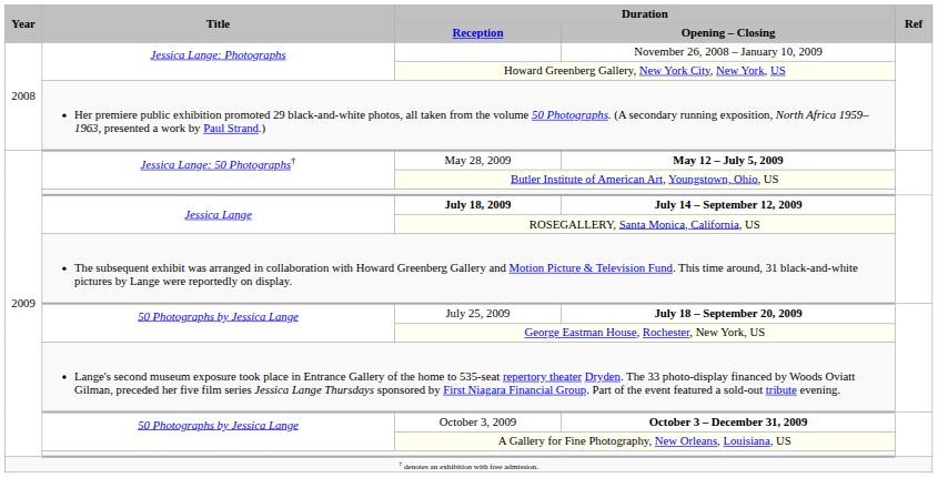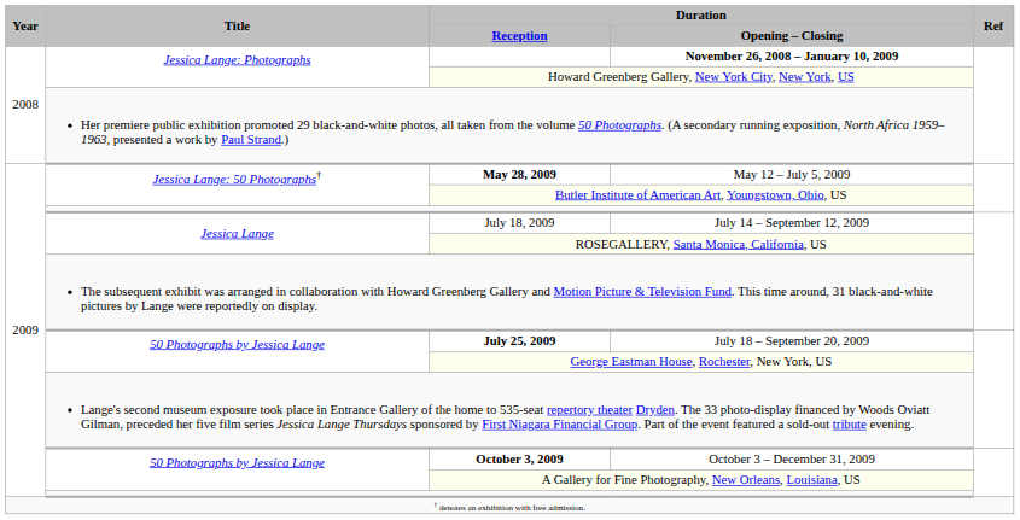 <table class="wikitable">
 <tr>
 <th rowspan=2 style=background-color:#C0C0C0 width=4%>Year</th>
 <th rowspan=2 style=background-color:#C0C0C0 width=38%>Title</th>
 <th colspan=2 style=background-color:#C0C0C0 width=54%>Duration</th>
 <th rowspan=2 style=background-color:#C0C0C0 width=4%>Ref</th>
 </tr>
 <tr>
 <th style=background-color:#C0C0C0 width=18%><a href='#'>Reception</a></th>
 <th style=background-color:#C0C0C0 width=36%>Opening – Closing</th>
 </tr>
 <tr>
 <td rowspan=3 align=center style=background:white>2008</td>
 <td rowspan=2 align=center style="background:white"><em><a href='#'>Jessica Lange: Photographs</a></em><br><br></td>
 <td align=center style=background:white></td>
-<td align=center style=background:white>November 26, 2008 – January 10, 2009</td>
+<td align=center style=background:white><strong>November 26, 2008 – January 10, 2009</strong></td>
 <td rowspan=3 align=center style=background:white width=4%><br></td>
 </tr>
 <tr>
 <td colspan=2 align=center style=background-color:#FFFFF0>Howard Greenberg Gallery, <a href='#'>New York City</a>, <a href='#'>New York</a>, <a href='#'>US</a></td>
 </tr>
 <tr>
 <td colspan=3 style=border-bottom-width:3px padding:5px width=92%><br><ul><li>Her premiere public exhibition promoted 29 black-and-white photos, all taken from the volume <em><a href='#'>50 Photographs</a></em>. (A secondary running exposition, <em>North Africa 1959–1963,</em> presented a work by <a href='#'>Paul Strand</a>.)</li></ul></td>
 </tr>
 <tr>
 <td rowspan=12 align=center style=background:white>2009</td>
 <td rowspan=2 align=center style=background:white><em><a href='#'>Jessica Lange: 50 Photographs</a></em><sup>†</sup><br><br></td>
-<td align=center style=background:white>May 28, 2009</td>
-<td align=center style=background:white><strong>May 12 – July 5, 2009</strong></td>
+<td align=center style=background:white><strong>May 28, 2009</strong></td>
+<td align=center style=background:white>May 12 – July 5, 2009</td>
 <td rowspan=3 align=center style=background:white width=4%><br></td>
 </tr>
 <tr>
 <td colspan=2 align=center style=background-color:#FFFFF0><a href='#'>Butler Institute of American Art</a>, <a href='#'>Youngstown, Ohio</a>, US</td>
 </tr>
 <tr>
 <td colspan=3 style=border-bottom-width:3px padding:5px width=92%></td>
 </tr>
 <tr>
 <td rowspan=2 align=center style=background:white><em><a href='#'>Jessica Lange</a></em></td>
-<td align=center style=background:white><strong>July 18, 2009</strong></td>
-<td align=center style=background:white><strong>July 14 – September 12, 2009</strong></td>
+<td align=center style=background:white>July 18, 2009</td>
+<td align=center style=background:white>July 14 – September 12, 2009</td>
 <td rowspan=3 align=center style=background:white width=4%><br><br></td>
 </tr>
 <tr>
 <td colspan=2 align=center style=background-color:#FFFFF0>ROSEGALLERY, <a href='#'>Santa Monica, California</a>, US</td>
 </tr>
 <tr>
 <td colspan=3 style=border-bottom-width:3px padding:5px width=92%><br><ul><li>The subsequent exhibit was arranged in collaboration with Howard Greenberg Gallery and <a href='#'>Motion Picture & Television Fund</a>. This time around, 31 black-and-white pictures by Lange were reportedly on display.</li></ul></td>
 </tr>
 <tr>
 <td rowspan=2 align=center style=background:white><em><a href='#'>50 Photographs by Jessica Lange</a></em><br><br> </td>
-<td align=center style=background:white>July 25, 2009</td>
-<td align=center style=background:white><strong>July 18 – September 20, 2009</strong></td>
+<td align=center style=background:white><strong>July 25, 2009</strong></td>
+<td align=center style=background:white>July 18 – September 20, 2009</td>
 <td rowspan=3 align=center style=background:white width=4%></td>
 </tr>
 <tr>
 <td colspan=2 align=center style=background-color:#FFFFF0><a href='#'>George Eastman House</a>, <a href='#'>Rochester</a>, New York, US</td>
 </tr>
 <tr>
 <td colspan=3 style=border-bottom-width:3px padding:5px width=92%><br><ul><li>Lange's second museum exposure took place in Entrance Gallery of the home to 535-seat <a href='#'>repertory theater</a> <a href='#'>Dryden</a>. The 33 photo-display financed by Woods Oviatt Gilman, preceded her five film series <em>Jessica Lange Thursdays</em>  sponsored by <a href='#'>First Niagara Financial Group</a>. Part of the event featured a sold-out <a href='#'>tribute</a> evening.</li></ul></td>
 </tr>
 <tr>
 <td rowspan=2 align=center style=background:white><em><a href='#'>50 Photographs by Jessica Lange</a></em> <br><br></td>
-<td align=center style=background:white>October 3, 2009</td>
-<td align=center style=background:white><strong>October 3 – December 31, 2009</strong></td>
+<td align=center style=background:white><strong>October 3, 2009</strong></td>
+<td align=center style=background:white>October 3 – December 31, 2009</td>
 <td rowspan=3 align=center style=background:white width=4%></td>
 </tr>
 <tr>
 <td colspan=2 align=center style=background-color:#FFFFF0>A Gallery for Fine Photography, <a href='#'>New Orleans</a>, <a href='#'>Louisiana</a>, US</td>
 </tr>
 <tr>
 <td colspan=3 style=border-bottom-width:3px padding:5px width=92%></td>
 </tr>
 <tr>
 <td colspan=5 style=font-size:8pt align=center width=100%><sup>†</sup> denotes an exhibition with free admission.</td>
 </tr>
 </table>
